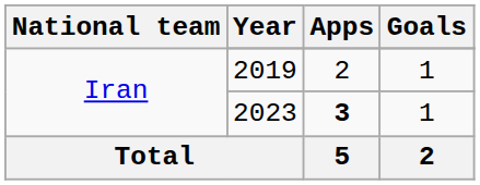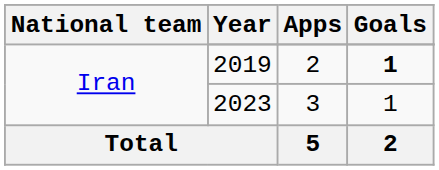 <table class="wikitable" style="text-align:center">
 <tr>
 <th>National team</th>
 <th>Year</th>
 <th>Apps</th>
 <th>Goals</th>
 </tr>
 <tr>
 <td rowspan="3"><a href='#'>Iran</a></td>
 </tr>
 <tr>
 <td>2019</td>
 <td>2</td>
-<td>1</td>
+<td><strong>1</strong></td>
 </tr>
 <tr>
 <td>2023</td>
-<td><strong>3</strong></td>
+<td>3</td>
 <td>1</td>
 </tr>
 <tr>
 <th colspan="2">Total</th>
 <th>5</th>
 <th>2</th>
 </tr>
 </table>
